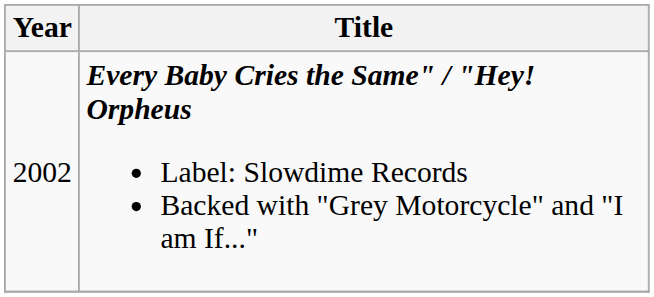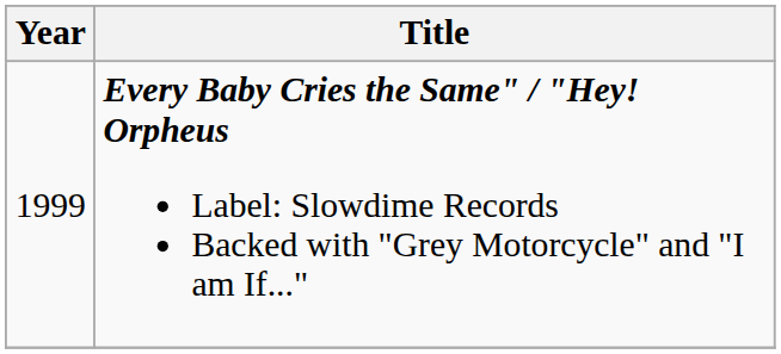 <table class="wikitable">
 <tr>
 <th width="33">Year</th>
 <th width="300">Title</th>
 </tr>
 <tr>
-<td align="center">2002</td>
+<td align="center">1999</td>
 <td><strong><em>Every Baby Cries the Same" / "Hey! Orpheus</em></strong><br><ul><li>Label: Slowdime Records</li><li>Backed with "Grey Motorcycle" and "I am If..."</li></ul></td>
 </tr>
 <tr>
 </tr>
 </table>
